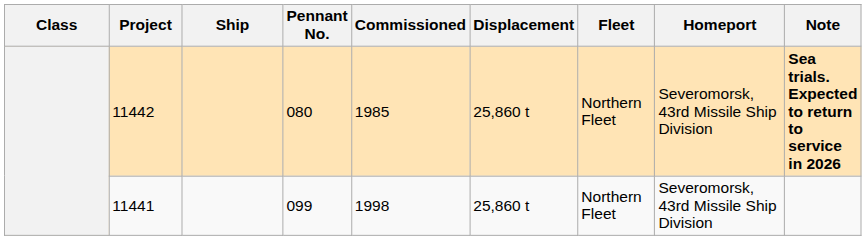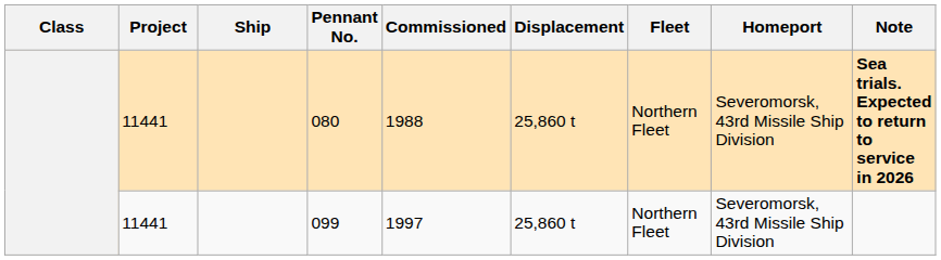 <table class="wikitable sortable" style="margin:auto; width:100%;">
 <tr>
 <th style="text-align:center; width:18%;">Class</th>
 <th style="text-align:center; width:10%;">Project</th>
 <th style="text-align:center; width:18%;">Ship</th>
 <th style="text-align:center; width:8%;">Pennant No.</th>
 <th style="text-align:center; width:9%;">Commissioned</th>
 <th style="text-align:center; width:9%;">Displacement</th>
 <th style="text-align:center; width:10%;">Fleet</th>
 <th style="text-align:center; width:22%;">Homeport</th>
 <th style="text-align:center; width:8%;">Note</th>
 </tr>
 <tr style="background: #FFE4B5">
 <th rowspan="2"></th>
-<td>11442</td>
+<td>11441</td>
 <td></td>
 <td>080</td>
-<td>1985</td>
+<td>1988</td>
 <td>25,860 t</td>
 <td>Northern Fleet</td>
 <td>Severomorsk, 43rd Missile Ship Division</td>
 <td><strong>Sea trials. Expected to return to service in 2026<br></strong></td>
 </tr>
 <tr>
 <td>11441</td>
 <td></td>
 <td>099</td>
-<td>1998</td>
+<td>1997</td>
 <td>25,860 t</td>
 <td>Northern Fleet</td>
 <td>Severomorsk, 43rd Missile Ship Division</td>
 <td></td>
 </tr>
 </table>
